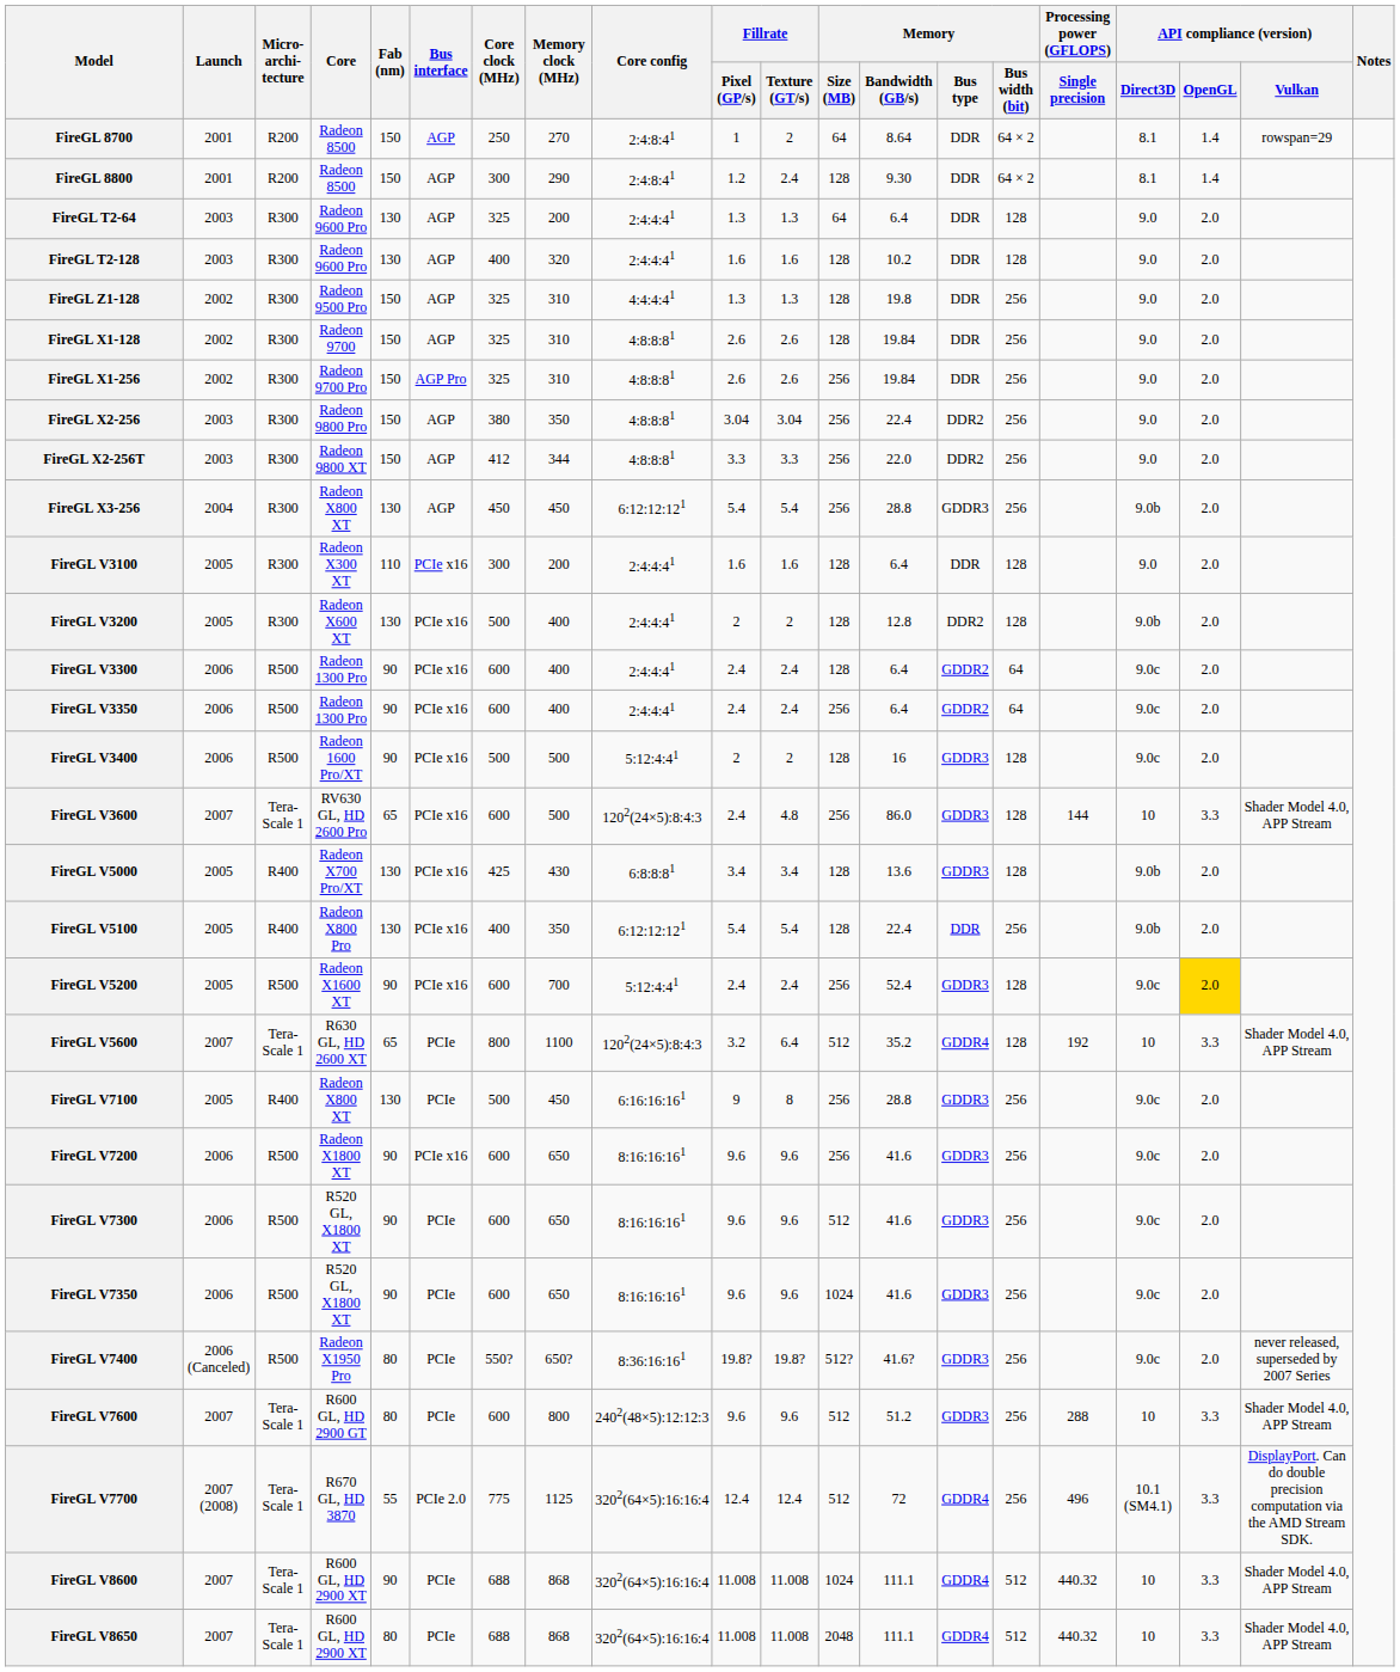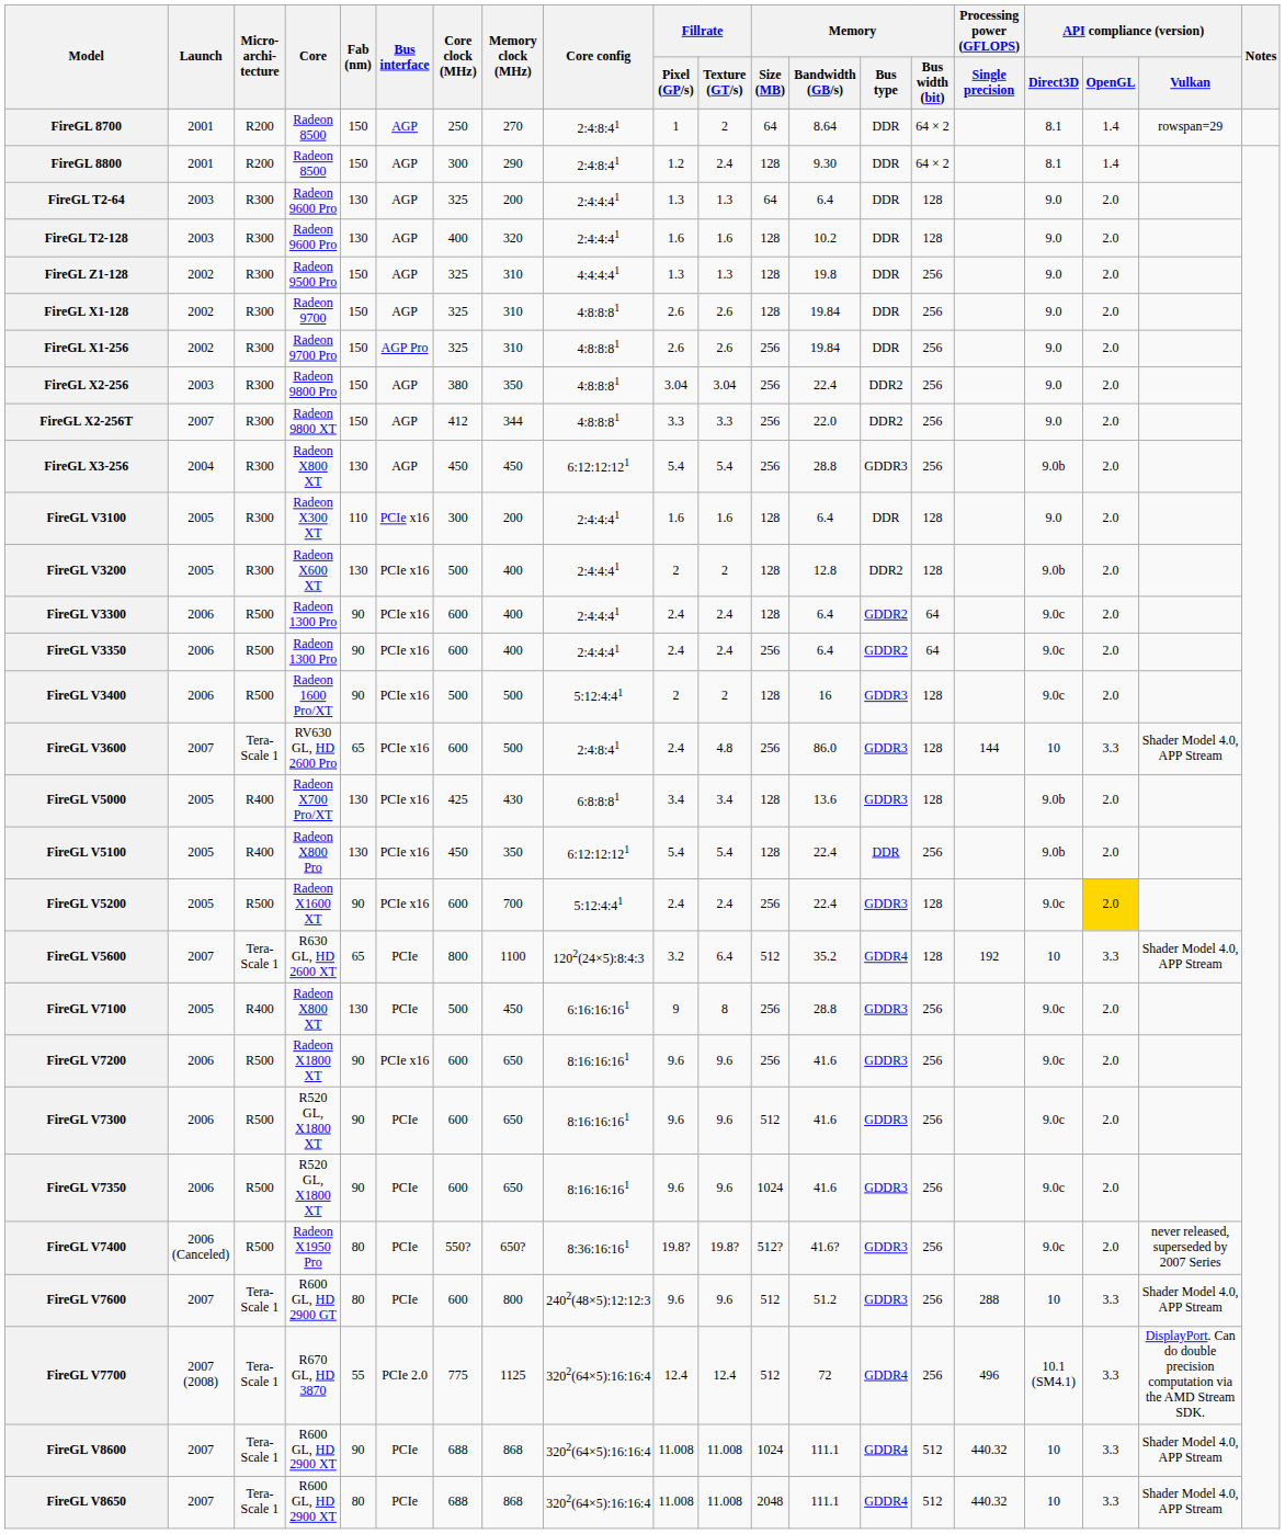 <table class="wikitable" style="font-size: 80%; text-align:center;">
 <tr>
 <th rowspan="2" style="width:12em">Model</th>
 <th rowspan="2">Launch</th>
 <th rowspan="2">Micro-archi-tecture</th>
 <th rowspan="2">Core</th>
 <th rowspan="2">Fab (nm)</th>
 <th rowspan="2"><a href='#'>Bus</a> <a href='#'>interface</a></th>
 <th rowspan="2">Core clock (MHz)</th>
 <th rowspan="2">Memory clock (MHz)</th>
 <th rowspan="2">Core config</th>
 <th colspan="2"><a href='#'>Fillrate</a></th>
 <th colspan="4">Memory</th>
 <th>Processing power<br>(<a href='#'>GFLOPS</a>)</th>
 <th colspan="3"><a href='#'>API</a> compliance (version)</th>
 <th rowspan="2">Notes</th>
 </tr>
 <tr>
 <th>Pixel (<a href='#'>GP</a>/s)</th>
 <th>Texture (<a href='#'>GT</a>/s)</th>
 <th>Size (<a href='#'>MB</a>)</th>
 <th>Bandwidth (<a href='#'>GB</a>/s)</th>
 <th>Bus type</th>
 <th>Bus width (<a href='#'>bit</a>)</th>
 <th><a href='#'>Single precision</a></th>
 <th><a href='#'>Direct3D</a></th>
 <th><a href='#'>OpenGL</a></th>
 <th><a href='#'>Vulkan</a></th>
 </tr>
 <tr>
 <th>FireGL 8700</th>
 <td>2001</td>
 <td>R200</td>
 <td><a href='#'>Radeon 8500</a></td>
 <td>150</td>
 <td><a href='#'>AGP</a></td>
 <td>250</td>
 <td>270</td>
 <td>2:4:8:4<sup>1</sup></td>
 <td>1</td>
 <td>2</td>
 <td>64</td>
 <td>8.64</td>
 <td>DDR</td>
 <td>64 × 2</td>
 <td></td>
 <td>8.1</td>
 <td>1.4</td>
 <td>rowspan=29 </td>
 <td></td>
 </tr>
 <tr>
 <th>FireGL 8800</th>
 <td>2001</td>
 <td>R200</td>
 <td><a href='#'>Radeon 8500</a></td>
 <td>150</td>
 <td>AGP</td>
 <td>300</td>
 <td>290</td>
 <td>2:4:8:4<sup>1</sup></td>
 <td>1.2</td>
 <td>2.4</td>
 <td>128</td>
 <td>9.30</td>
 <td>DDR</td>
 <td>64 × 2</td>
 <td></td>
 <td>8.1</td>
 <td>1.4</td>
 <td></td>
 </tr>
 <tr>
 <th>FireGL T2-64</th>
 <td>2003</td>
 <td>R300</td>
 <td><a href='#'>Radeon 9600 Pro</a></td>
 <td>130</td>
 <td>AGP</td>
 <td>325</td>
 <td>200</td>
 <td>2:4:4:4<sup>1</sup></td>
 <td>1.3</td>
 <td>1.3</td>
 <td>64</td>
 <td>6.4</td>
 <td>DDR</td>
 <td>128</td>
 <td></td>
 <td>9.0</td>
 <td>2.0</td>
 <td></td>
 </tr>
 <tr>
 <th>FireGL T2-128</th>
 <td>2003</td>
 <td>R300</td>
 <td><a href='#'>Radeon 9600 Pro</a></td>
 <td>130</td>
 <td>AGP</td>
 <td>400</td>
 <td>320</td>
 <td>2:4:4:4<sup>1</sup></td>
 <td>1.6</td>
 <td>1.6</td>
 <td>128</td>
 <td>10.2</td>
 <td>DDR</td>
 <td>128</td>
 <td></td>
 <td>9.0</td>
 <td>2.0</td>
 <td></td>
 </tr>
 <tr>
 <th>FireGL Z1-128</th>
 <td>2002</td>
 <td>R300</td>
 <td><a href='#'>Radeon 9500 Pro</a></td>
 <td>150</td>
 <td>AGP</td>
 <td>325</td>
 <td>310</td>
 <td>4:4:4:4<sup>1</sup></td>
 <td>1.3</td>
 <td>1.3</td>
 <td>128</td>
 <td>19.8</td>
 <td>DDR</td>
 <td>256</td>
 <td></td>
 <td>9.0</td>
 <td>2.0</td>
 <td></td>
 </tr>
 <tr>
 <th>FireGL X1-128</th>
 <td>2002</td>
 <td>R300</td>
 <td><a href='#'>Radeon 9700</a></td>
 <td>150</td>
 <td>AGP</td>
 <td>325</td>
 <td>310</td>
 <td>4:8:8:8<sup>1</sup></td>
 <td>2.6</td>
 <td>2.6</td>
 <td>128</td>
 <td>19.84</td>
 <td>DDR</td>
 <td>256</td>
 <td></td>
 <td>9.0</td>
 <td>2.0</td>
 <td></td>
 </tr>
 <tr>
 <th>FireGL X1-256</th>
 <td>2002</td>
 <td>R300</td>
 <td><a href='#'>Radeon 9700 Pro</a></td>
 <td>150</td>
 <td><a href='#'>AGP Pro</a></td>
 <td>325</td>
 <td>310</td>
 <td>4:8:8:8<sup>1</sup></td>
 <td>2.6</td>
 <td>2.6</td>
 <td>256</td>
 <td>19.84</td>
 <td>DDR</td>
 <td>256</td>
 <td></td>
 <td>9.0</td>
 <td>2.0</td>
 <td></td>
 </tr>
 <tr>
 <th>FireGL X2-256</th>
 <td>2003</td>
 <td>R300</td>
 <td><a href='#'>Radeon 9800 Pro</a></td>
 <td>150</td>
 <td>AGP</td>
 <td>380</td>
 <td>350</td>
 <td>4:8:8:8<sup>1</sup></td>
 <td>3.04</td>
 <td>3.04</td>
 <td>256</td>
 <td>22.4</td>
 <td>DDR2</td>
 <td>256</td>
 <td></td>
 <td>9.0</td>
 <td>2.0</td>
 <td></td>
 </tr>
 <tr>
 <th>FireGL X2-256T</th>
-<td>2003</td>
+<td>2007</td>
 <td>R300</td>
 <td><a href='#'>Radeon 9800 XT</a></td>
 <td>150</td>
 <td>AGP</td>
 <td>412</td>
 <td>344</td>
 <td>4:8:8:8<sup>1</sup></td>
 <td>3.3</td>
 <td>3.3</td>
 <td>256</td>
 <td>22.0</td>
 <td>DDR2</td>
 <td>256</td>
 <td></td>
 <td>9.0</td>
 <td>2.0</td>
 <td></td>
 </tr>
 <tr>
 <th>FireGL X3-256</th>
 <td>2004</td>
 <td>R300</td>
 <td><a href='#'>Radeon X800 XT</a></td>
 <td>130</td>
 <td>AGP</td>
 <td>450</td>
 <td>450</td>
 <td>6:12:12:12<sup>1</sup></td>
 <td>5.4</td>
 <td>5.4</td>
 <td>256</td>
 <td>28.8</td>
 <td>GDDR3</td>
 <td>256</td>
 <td></td>
 <td>9.0b</td>
 <td>2.0</td>
 <td></td>
 </tr>
 <tr>
 <th>FireGL V3100</th>
 <td>2005</td>
 <td>R300</td>
 <td><a href='#'>Radeon X300 XT</a></td>
 <td>110</td>
 <td><a href='#'>PCIe</a> x16</td>
 <td>300</td>
 <td>200</td>
 <td>2:4:4:4<sup>1</sup></td>
 <td>1.6</td>
 <td>1.6</td>
 <td>128</td>
 <td>6.4</td>
 <td>DDR</td>
 <td>128</td>
 <td></td>
 <td>9.0</td>
 <td>2.0</td>
 <td></td>
 </tr>
 <tr>
 <th>FireGL V3200</th>
 <td>2005</td>
 <td>R300</td>
 <td><a href='#'>Radeon X600 XT</a></td>
 <td>130</td>
 <td>PCIe x16</td>
 <td>500</td>
 <td>400</td>
 <td>2:4:4:4<sup>1</sup></td>
 <td>2</td>
 <td>2</td>
 <td>128</td>
 <td>12.8</td>
 <td>DDR2</td>
 <td>128</td>
 <td></td>
 <td>9.0b</td>
 <td>2.0</td>
 <td></td>
 </tr>
 <tr>
 <th>FireGL V3300</th>
 <td>2006</td>
 <td>R500</td>
 <td><a href='#'>Radeon 1300 Pro</a></td>
 <td>90</td>
 <td>PCIe x16</td>
 <td>600</td>
 <td>400</td>
 <td>2:4:4:4<sup>1</sup></td>
 <td>2.4</td>
 <td>2.4</td>
 <td>128</td>
 <td>6.4</td>
 <td><a href='#'>GDDR2</a></td>
 <td>64</td>
 <td></td>
 <td>9.0c</td>
 <td>2.0</td>
 <td></td>
 </tr>
 <tr>
 <th>FireGL V3350</th>
 <td>2006</td>
 <td>R500</td>
 <td><a href='#'>Radeon 1300 Pro</a></td>
 <td>90</td>
 <td>PCIe x16</td>
 <td>600</td>
 <td>400</td>
 <td>2:4:4:4<sup>1</sup></td>
 <td>2.4</td>
 <td>2.4</td>
 <td>256</td>
 <td>6.4</td>
 <td><a href='#'>GDDR2</a></td>
 <td>64</td>
 <td></td>
 <td>9.0c</td>
 <td>2.0</td>
 <td></td>
 </tr>
 <tr>
 <th>FireGL V3400</th>
 <td>2006</td>
 <td>R500</td>
 <td><a href='#'>Radeon 1600 Pro/XT</a></td>
 <td>90</td>
 <td>PCIe x16</td>
 <td>500</td>
 <td>500</td>
 <td>5:12:4:4<sup>1</sup></td>
 <td>2</td>
 <td>2</td>
 <td>128</td>
 <td>16</td>
 <td><a href='#'>GDDR3</a></td>
 <td>128</td>
 <td></td>
 <td>9.0c</td>
 <td>2.0</td>
 <td></td>
 </tr>
 <tr>
 <th>FireGL V3600</th>
 <td>2007</td>
 <td>Tera-Scale 1</td>
 <td>RV630 GL, <a href='#'>HD 2600 Pro</a></td>
 <td>65</td>
 <td>PCIe x16</td>
 <td>600</td>
 <td>500</td>
-<td>120<sup>2</sup>(24×5):8:4:3</td>
+<td>2:4:8:4<sup>1</sup></td>
 <td>2.4</td>
 <td>4.8</td>
 <td>256</td>
 <td>86.0</td>
 <td><a href='#'>GDDR3</a></td>
 <td>128</td>
 <td>144</td>
 <td>10</td>
 <td>3.3</td>
 <td>Shader Model 4.0, APP Stream</td>
 </tr>
 <tr>
 <th>FireGL V5000</th>
 <td>2005</td>
 <td>R400</td>
 <td><a href='#'>Radeon X700 Pro/XT</a></td>
 <td>130</td>
 <td>PCIe x16</td>
 <td>425</td>
 <td>430</td>
 <td>6:8:8:8<sup>1</sup></td>
 <td>3.4</td>
 <td>3.4</td>
 <td>128</td>
 <td>13.6</td>
 <td><a href='#'>GDDR3</a></td>
 <td>128</td>
 <td></td>
 <td>9.0b</td>
 <td>2.0</td>
 <td></td>
 </tr>
 <tr>
 <th>FireGL V5100</th>
 <td>2005</td>
 <td>R400</td>
 <td><a href='#'>Radeon X800 Pro</a></td>
 <td>130</td>
 <td>PCIe x16</td>
-<td>400</td>
+<td>450</td>
 <td>350</td>
 <td>6:12:12:12<sup>1</sup></td>
 <td>5.4</td>
 <td>5.4</td>
 <td>128</td>
 <td>22.4</td>
 <td><a href='#'>DDR</a></td>
 <td>256</td>
 <td></td>
 <td>9.0b</td>
 <td>2.0</td>
 <td></td>
 </tr>
 <tr>
 <th>FireGL V5200</th>
 <td>2005</td>
 <td>R500</td>
 <td><a href='#'>Radeon X1600 XT</a></td>
 <td>90</td>
 <td>PCIe x16</td>
 <td>600</td>
 <td>700</td>
 <td>5:12:4:4<sup>1</sup></td>
 <td>2.4</td>
 <td>2.4</td>
 <td>256</td>
-<td>52.4</td>
+<td>22.4</td>
 <td><a href='#'>GDDR3</a></td>
 <td>128</td>
 <td></td>
 <td>9.0c</td>
 <td style="background: gold;">2.0</td>
 <td></td>
 </tr>
 <tr>
 <th>FireGL V5600</th>
 <td>2007</td>
 <td>Tera-Scale 1</td>
 <td>R630 GL, <a href='#'>HD 2600 XT</a></td>
 <td>65</td>
 <td>PCIe</td>
 <td>800</td>
 <td>1100</td>
 <td>120<sup>2</sup>(24×5):8:4:3</td>
 <td>3.2</td>
 <td>6.4</td>
 <td>512</td>
 <td>35.2</td>
 <td><a href='#'>GDDR4</a></td>
 <td>128</td>
 <td>192</td>
 <td>10</td>
 <td>3.3</td>
 <td>Shader Model 4.0, APP Stream</td>
 </tr>
 <tr>
 <th>FireGL V7100</th>
 <td>2005</td>
 <td>R400</td>
 <td><a href='#'>Radeon X800 XT</a></td>
 <td>130</td>
 <td>PCIe</td>
 <td>500</td>
 <td>450</td>
 <td>6:16:16:16<sup>1</sup></td>
 <td>9</td>
 <td>8</td>
 <td>256</td>
 <td>28.8</td>
 <td><a href='#'>GDDR3</a></td>
 <td>256</td>
 <td></td>
 <td>9.0c</td>
 <td>2.0</td>
 <td></td>
 </tr>
 <tr>
 <th>FireGL V7200</th>
 <td>2006</td>
 <td>R500</td>
 <td><a href='#'>Radeon X1800 XT</a></td>
 <td>90</td>
 <td>PCIe x16</td>
 <td>600</td>
 <td>650</td>
 <td>8:16:16:16<sup>1</sup></td>
 <td>9.6</td>
 <td>9.6</td>
 <td>256</td>
 <td>41.6</td>
 <td><a href='#'>GDDR3</a></td>
 <td>256</td>
 <td></td>
 <td>9.0c</td>
 <td>2.0</td>
 <td></td>
 </tr>
 <tr>
 <th>FireGL V7300</th>
 <td>2006</td>
 <td>R500</td>
 <td>R520 GL, <a href='#'>X1800 XT</a></td>
 <td>90</td>
 <td>PCIe</td>
 <td>600</td>
 <td>650</td>
 <td>8:16:16:16<sup>1</sup></td>
 <td>9.6</td>
 <td>9.6</td>
 <td>512</td>
 <td>41.6</td>
 <td><a href='#'>GDDR3</a></td>
 <td>256</td>
 <td></td>
 <td>9.0c</td>
 <td>2.0</td>
 <td></td>
 </tr>
 <tr>
 <th>FireGL V7350</th>
 <td>2006</td>
 <td>R500</td>
 <td>R520 GL, <a href='#'>X1800 XT</a></td>
 <td>90</td>
 <td>PCIe</td>
 <td>600</td>
 <td>650</td>
 <td>8:16:16:16<sup>1</sup></td>
 <td>9.6</td>
 <td>9.6</td>
 <td>1024</td>
 <td>41.6</td>
 <td><a href='#'>GDDR3</a></td>
 <td>256</td>
 <td></td>
 <td>9.0c</td>
 <td>2.0</td>
 <td></td>
 </tr>
 <tr>
 <th>FireGL V7400</th>
 <td>2006 (Canceled)</td>
 <td>R500</td>
 <td><a href='#'>Radeon X1950 Pro</a></td>
 <td>80</td>
 <td>PCIe</td>
 <td>550?</td>
 <td>650?</td>
 <td>8:36:16:16<sup>1</sup></td>
 <td>19.8?</td>
 <td>19.8?</td>
 <td>512?</td>
 <td>41.6?</td>
 <td><a href='#'>GDDR3</a></td>
 <td>256</td>
 <td></td>
 <td>9.0c</td>
 <td>2.0</td>
 <td>never released, superseded by 2007 Series</td>
 </tr>
 <tr>
 <th>FireGL V7600</th>
 <td>2007</td>
 <td>Tera-Scale 1</td>
 <td>R600 GL, <a href='#'>HD 2900 GT</a></td>
 <td>80</td>
 <td>PCIe</td>
 <td>600</td>
 <td>800</td>
 <td>240<sup>2</sup>(48×5):12:12:3</td>
 <td>9.6</td>
 <td>9.6</td>
 <td>512</td>
 <td>51.2</td>
 <td><a href='#'>GDDR3</a></td>
 <td>256</td>
 <td>288</td>
 <td>10</td>
 <td>3.3</td>
 <td>Shader Model 4.0, APP Stream</td>
 </tr>
 <tr>
 <th>FireGL V7700</th>
 <td>2007 (2008)</td>
 <td>Tera-Scale 1</td>
 <td>R670 GL, <a href='#'>HD 3870</a></td>
 <td>55</td>
 <td>PCIe 2.0</td>
 <td>775</td>
 <td>1125</td>
 <td>320<sup>2</sup>(64×5):16:16:4</td>
 <td>12.4</td>
 <td>12.4</td>
 <td>512</td>
 <td>72</td>
 <td><a href='#'>GDDR4</a></td>
 <td>256</td>
 <td>496</td>
 <td>10.1 (SM4.1)</td>
 <td>3.3</td>
 <td><a href='#'>DisplayPort</a>. Can do double precision computation via the AMD Stream SDK.</td>
 </tr>
 <tr>
 <th>FireGL V8600</th>
 <td>2007</td>
 <td>Tera-Scale 1</td>
 <td>R600 GL, <a href='#'>HD 2900 XT</a></td>
 <td>90</td>
 <td>PCIe</td>
 <td>688</td>
 <td>868</td>
 <td>320<sup>2</sup>(64×5):16:16:4</td>
 <td>11.008</td>
 <td>11.008</td>
 <td>1024</td>
 <td>111.1</td>
 <td><a href='#'>GDDR4</a></td>
 <td>512</td>
 <td>440.32</td>
 <td>10</td>
 <td>3.3</td>
 <td>Shader Model 4.0, APP Stream</td>
 </tr>
 <tr>
 <th>FireGL V8650</th>
 <td>2007</td>
 <td>Tera-Scale 1</td>
 <td>R600 GL, <a href='#'>HD 2900 XT</a></td>
 <td>80</td>
 <td>PCIe</td>
 <td>688</td>
 <td>868</td>
 <td>320<sup>2</sup>(64×5):16:16:4</td>
 <td>11.008</td>
 <td>11.008</td>
 <td>2048</td>
 <td>111.1</td>
 <td><a href='#'>GDDR4</a></td>
 <td>512</td>
 <td>440.32</td>
 <td>10</td>
 <td>3.3</td>
 <td>Shader Model 4.0, APP Stream</td>
 </tr>
 </table>
